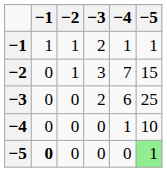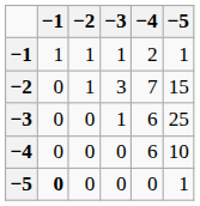 <table cellspacing="0" cellpadding="5" style="text-align:right;" class="wikitable">
 <tr>
 <td></td>
 <th>−1</th>
 <th>−2</th>
 <th>−3</th>
 <th>−4</th>
 <th>−5</th>
 </tr>
 <tr>
 <th>−1</th>
 <td>1</td>
 <td>1</td>
+<td>1</td>
 <td>2</td>
-<td>1</td>
 <td>1</td>
 </tr>
 <tr>
 <th>−2</th>
 <td>0</td>
 <td>1</td>
 <td>3</td>
 <td>7</td>
 <td>15</td>
 </tr>
 <tr>
 <th>−3</th>
 <td>0</td>
 <td>0</td>
-<td>2</td>
+<td>1</td>
 <td>6</td>
 <td>25</td>
 </tr>
 <tr>
 <th>−4</th>
 <td>0</td>
 <td>0</td>
 <td>0</td>
-<td>1</td>
+<td>6</td>
 <td>10</td>
 </tr>
 <tr>
 <th>−5</th>
 <td><strong>0</strong></td>
 <td>0</td>
 <td>0</td>
 <td>0</td>
-<td style="background: lightgreen;">1</td>
+<td>1</td>
 </tr>
 </table>
